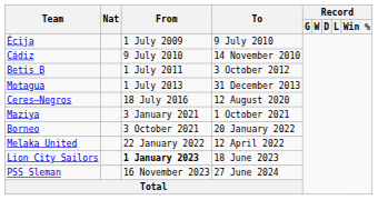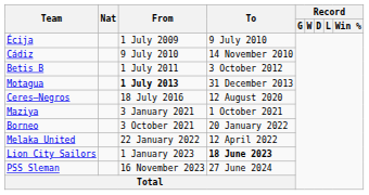 <table class="wikitable" tyle="text-align: center">
 <tr>
 <th rowspan="2">Team</th>
 <th rowspan="2">Nat</th>
 <th rowspan="2">From</th>
 <th rowspan="2">To</th>
 <th colspan="5">Record</th>
 </tr>
 <tr>
 <th>G</th>
 <th>W</th>
 <th>D</th>
 <th>L</th>
 <th>Win %</th>
 </tr>
 <tr>
 <td><a href='#'>Écija</a></td>
 <td></td>
 <td>1 July 2009</td>
 <td>9 July 2010<br></td>
 </tr>
 <tr>
 <td><a href='#'>Cádiz</a></td>
 <td></td>
 <td>9 July 2010</td>
 <td>14 November 2010<br></td>
 </tr>
 <tr>
 <td><a href='#'>Betis B</a></td>
 <td></td>
 <td>1 July 2011</td>
 <td>3 October 2012<br></td>
 </tr>
 <tr>
 <td><a href='#'>Motagua</a></td>
 <td></td>
-<td>1 July 2013</td>
+<td><strong>1 July 2013</strong></td>
 <td>31 December 2013<br></td>
 </tr>
 <tr>
 <td><a href='#'>Ceres–Negros</a></td>
 <td></td>
 <td>18 July 2016</td>
 <td>12 August 2020<br></td>
 </tr>
 <tr>
 <td><a href='#'>Maziya</a></td>
 <td></td>
 <td>3 January 2021</td>
 <td>1 October 2021<br></td>
 </tr>
 <tr>
 <td><a href='#'>Borneo</a></td>
 <td></td>
 <td>3 October 2021</td>
 <td>20 January 2022<br></td>
 </tr>
 <tr>
 <td><a href='#'>Melaka United</a></td>
 <td></td>
 <td>22 January 2022</td>
 <td>12 April 2022<br></td>
 </tr>
 <tr>
 <td><a href='#'>Lion City Sailors</a></td>
 <td></td>
-<td><strong>1 January 2023</strong></td>
-<td>18 June 2023<br></td>
+<td>1 January 2023</td>
+<td><strong>18 June 2023<br></strong></td>
 </tr>
 <tr>
 <td><a href='#'>PSS Sleman</a></td>
 <td></td>
 <td>16 November 2023</td>
 <td>27 June 2024<br></td>
 </tr>
 <tr>
 <th colspan="4">Total<br></th>
 </tr>
 </table>
